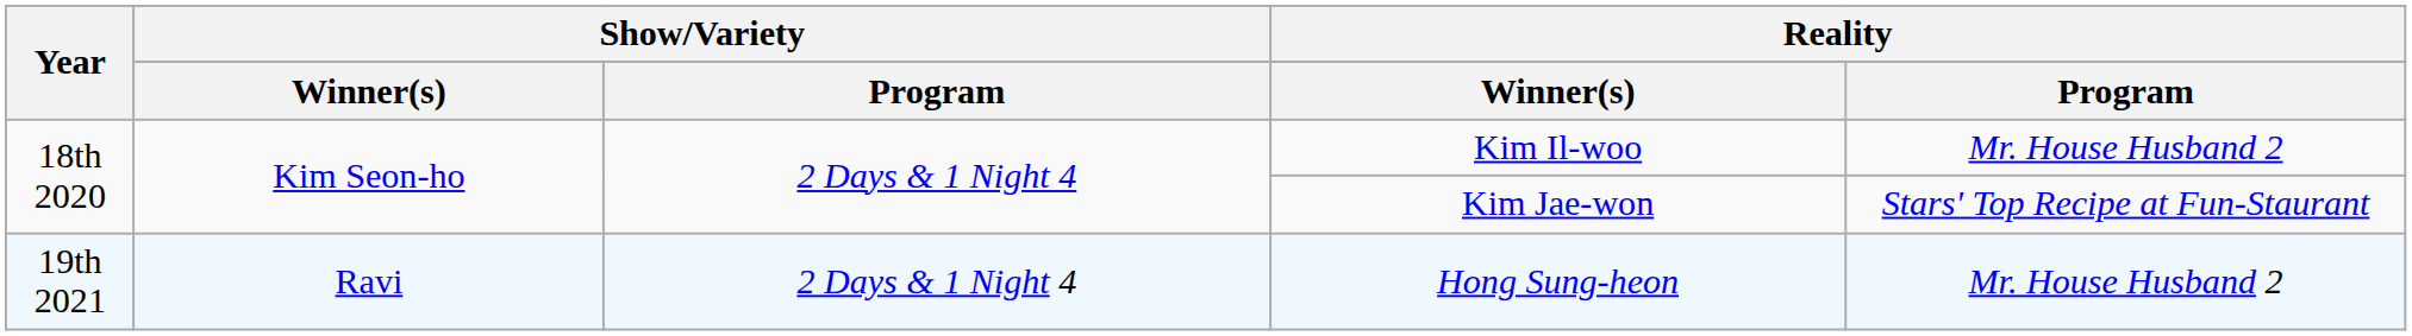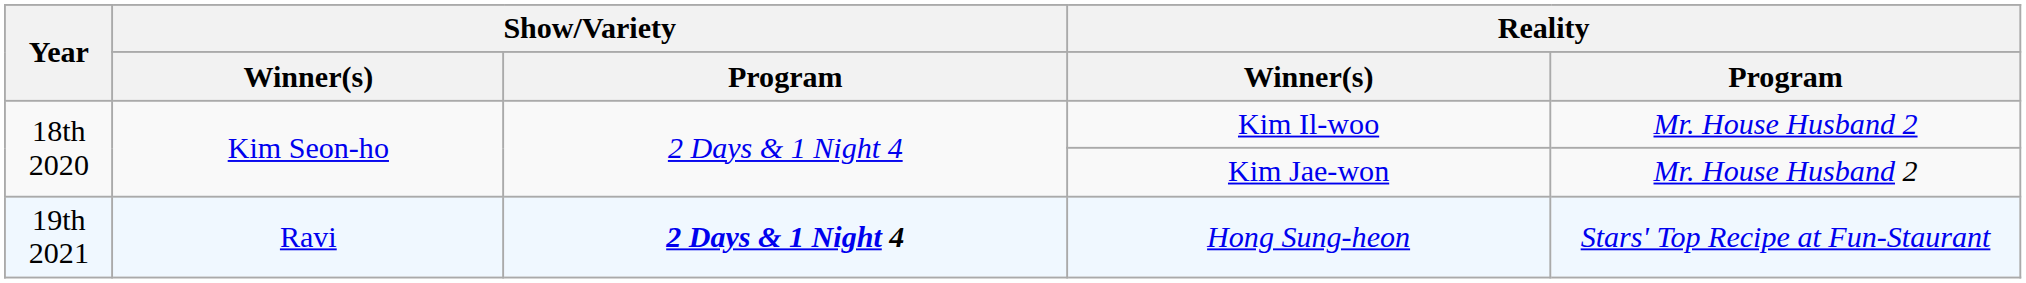 <table class="wikitable" style=text-align:center>
 <tr>
 <th rowspan=2 style="width:50px">Year</th>
 <th colspan=2 style="width:500px">Show/Variety</th>
 <th colspan=2 style="width:500px">Reality</th>
 </tr>
 <tr>
 <th>Winner(s)</th>
 <th>Program</th>
 <th style="width:250px">Winner(s)</th>
 <th>Program</th>
 </tr>
 <tr>
 <td rowspan=2>18th<br>2020</td>
 <td rowspan=2><a href='#'>Kim Seon-ho</a></td>
 <td rowspan=2><a href='#'><em>2 Days & 1 Night 4</em></a></td>
 <td><a href='#'>Kim Il-woo</a></td>
 <td><a href='#'><em>Mr. House Husband 2</em></a></td>
 </tr>
 <tr>
 <td><a href='#'>Kim Jae-won</a></td>
-<td><em><a href='#'>Stars' Top Recipe at Fun-Staurant</a></em></td>
+<td><em><a href='#'>Mr. House Husband</a> 2</em></td>
 </tr>
 <tr style="background:#F0F8FF">
 <td>19th<br>2021</td>
 <td><a href='#'>Ravi</a></td>
-<td><em><a href='#'>2 Days & 1 Night</a> 4</em></td>
+<td><strong><em><a href='#'>2 Days & 1 Night</a> 4</em></strong></td>
 <td><em><a href='#'>Hong Sung-heon</a></em></td>
-<td><em><a href='#'>Mr. House Husband</a> 2</em></td>
+<td><em><a href='#'>Stars' Top Recipe at Fun-Staurant</a></em></td>
 </tr>
 </table>
